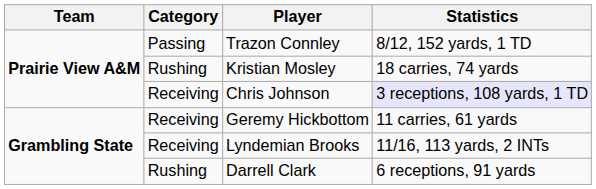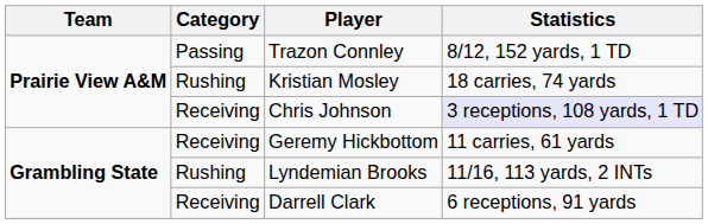 <table class="wikitable" style="float: left;">
 <tr>
 <th>Team</th>
 <th>Category</th>
 <th>Player</th>
 <th>Statistics</th>
 </tr>
 <tr>
 <td rowspan=3><strong>Prairie View A&M</strong></td>
 <td>Passing</td>
 <td>Trazon Connley</td>
 <td>8/12, 152 yards, 1 TD</td>
 </tr>
 <tr>
 <td>Rushing</td>
 <td>Kristian Mosley</td>
 <td>18 carries, 74 yards</td>
 </tr>
 <tr>
 <td>Receiving</td>
 <td>Chris Johnson</td>
 <td style="background: lavender;">3 receptions, 108 yards, 1 TD</td>
 </tr>
 <tr>
 <td rowspan=3><strong>Grambling State</strong></td>
 <td>Receiving</td>
 <td>Geremy Hickbottom</td>
 <td>11 carries, 61 yards</td>
 </tr>
 <tr>
-<td>Receiving</td>
+<td>Rushing</td>
 <td>Lyndemian Brooks</td>
 <td>11/16, 113 yards, 2 INTs</td>
 </tr>
 <tr>
-<td>Rushing</td>
+<td>Receiving</td>
 <td>Darrell Clark</td>
 <td>6 receptions, 91 yards</td>
 </tr>
 </table>
